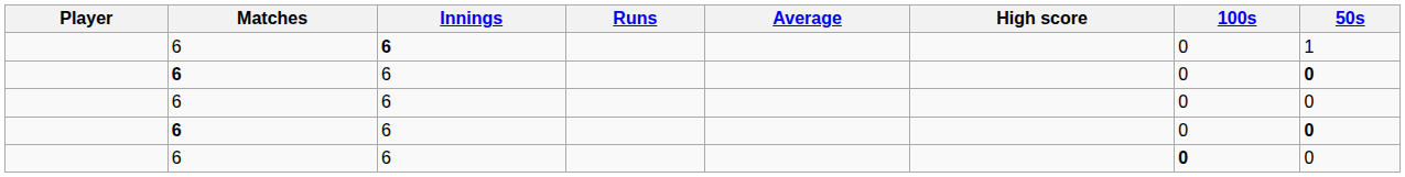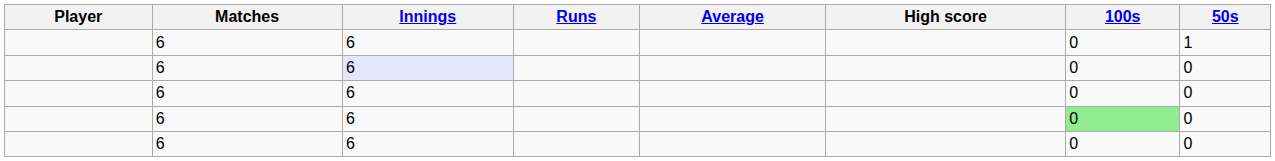 <table class="wikitable sortable" style="width:80%;">
 <tr>
 <th>Player</th>
 <th>Matches</th>
 <th><a href='#'>Innings</a></th>
 <th><a href='#'>Runs</a></th>
 <th><a href='#'>Average</a></th>
 <th>High score</th>
 <th><a href='#'>100s</a></th>
 <th><a href='#'>50s</a></th>
 </tr>
 <tr>
 <td></td>
 <td>6</td>
-<td><strong>6</strong></td>
+<td>6</td>
 <td></td>
 <td></td>
 <td></td>
 <td>0</td>
 <td>1</td>
 </tr>
 <tr>
 <td></td>
-<td><strong>6</strong></td>
 <td>6</td>
+<td style="background: lavender;">6</td>
 <td></td>
 <td></td>
 <td></td>
 <td>0</td>
-<td><strong>0</strong></td>
+<td>0</td>
 </tr>
 <tr>
 <td></td>
 <td>6</td>
 <td>6</td>
 <td></td>
 <td></td>
 <td></td>
 <td>0</td>
 <td>0</td>
 </tr>
 <tr>
 <td></td>
-<td><strong>6</strong></td>
+<td>6</td>
 <td>6</td>
 <td></td>
 <td></td>
 <td></td>
+<td style="background: lightgreen;">0</td>
 <td>0</td>
-<td><strong>0</strong></td>
 </tr>
 <tr>
 <td></td>
 <td>6</td>
 <td>6</td>
 <td></td>
 <td></td>
 <td></td>
-<td><strong>0</strong></td>
+<td>0</td>
 <td>0</td>
 </tr>
 <tr>
 </tr>
 </table>
